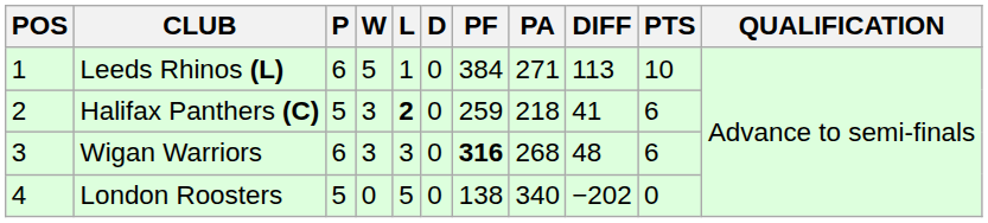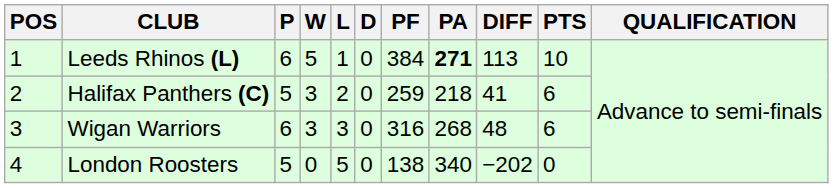 <table class="wikitable defaultcenter col2left">
 <tr>
 <th>POS</th>
 <th>CLUB</th>
 <th>P</th>
 <th>W</th>
 <th>L</th>
 <th>D</th>
 <th>PF</th>
 <th>PA</th>
 <th>DIFF</th>
 <th>PTS</th>
 <th>QUALIFICATION</th>
 </tr>
 <tr style="background:#ddffdd;">
 <td>1</td>
 <td> Leeds Rhinos <strong>(L)</strong></td>
 <td>6</td>
 <td>5</td>
 <td>1</td>
 <td>0</td>
 <td>384</td>
-<td>271</td>
+<td><strong>271</strong></td>
 <td>113</td>
 <td>10</td>
 <td rowspan="4">Advance to semi-finals</td>
 </tr>
 <tr style="background:#ddffdd;">
 <td>2</td>
 <td> Halifax Panthers <strong>(C)</strong></td>
 <td>5</td>
 <td>3</td>
-<td><strong>2</strong></td>
+<td>2</td>
 <td>0</td>
 <td>259</td>
 <td>218</td>
 <td>41</td>
 <td>6</td>
 </tr>
 <tr style="background:#ddffdd;">
 <td>3</td>
 <td> Wigan Warriors</td>
 <td>6</td>
 <td>3</td>
 <td>3</td>
 <td>0</td>
-<td><strong>316</strong></td>
+<td>316</td>
 <td>268</td>
 <td>48</td>
 <td>6</td>
 </tr>
 <tr style="background:#ddffdd;">
 <td>4</td>
 <td> London Roosters</td>
 <td>5</td>
 <td>0</td>
 <td>5</td>
 <td>0</td>
 <td>138</td>
 <td>340</td>
 <td>−202</td>
 <td>0</td>
 </tr>
 </table>
